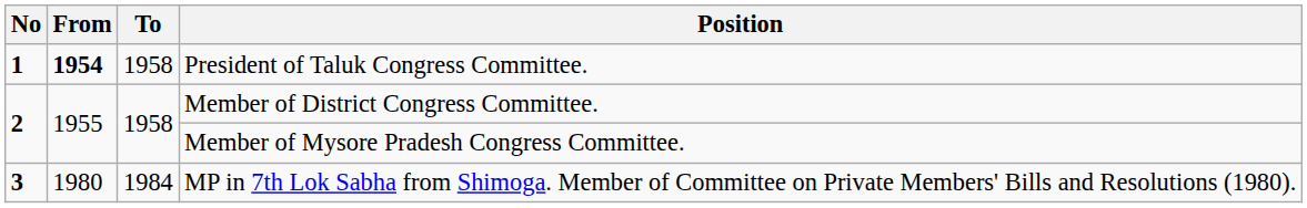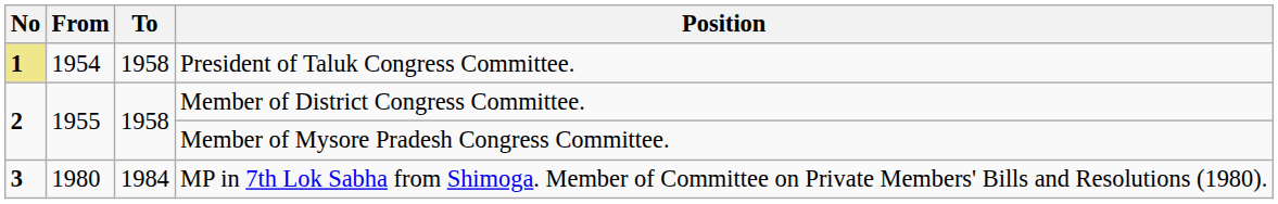 <table class="wikitable">
 <tr>
 <th>No</th>
 <th>From</th>
 <th>To</th>
 <th>Position</th>
 </tr>
 <tr>
-<td><strong>1</strong></td>
-<td><strong>1954</strong></td>
+<td style="background: khaki;"><strong>1</strong></td>
+<td>1954</td>
 <td>1958</td>
 <td>President of Taluk Congress Committee.</td>
 </tr>
 <tr>
 <td rowspan="2"><strong>2</strong></td>
 <td rowspan="2">1955</td>
 <td rowspan="2">1958</td>
 <td>Member of District Congress Committee.</td>
 </tr>
 <tr>
 <td>Member of Mysore Pradesh Congress Committee.</td>
 </tr>
 <tr>
 <td><strong>3</strong></td>
 <td>1980</td>
 <td>1984</td>
 <td>MP in <a href='#'>7th Lok Sabha</a> from <a href='#'>Shimoga</a>. Member of Committee on Private Members' Bills and Resolutions (1980).</td>
 </tr>
 </table>
